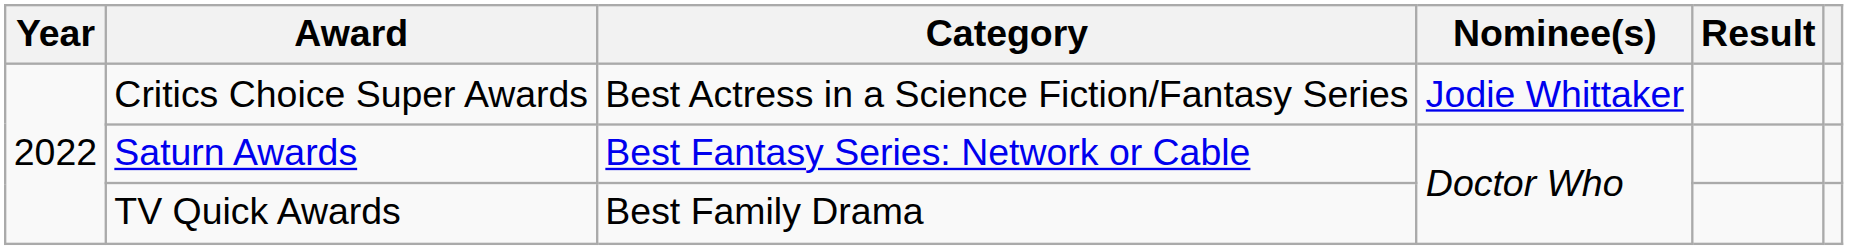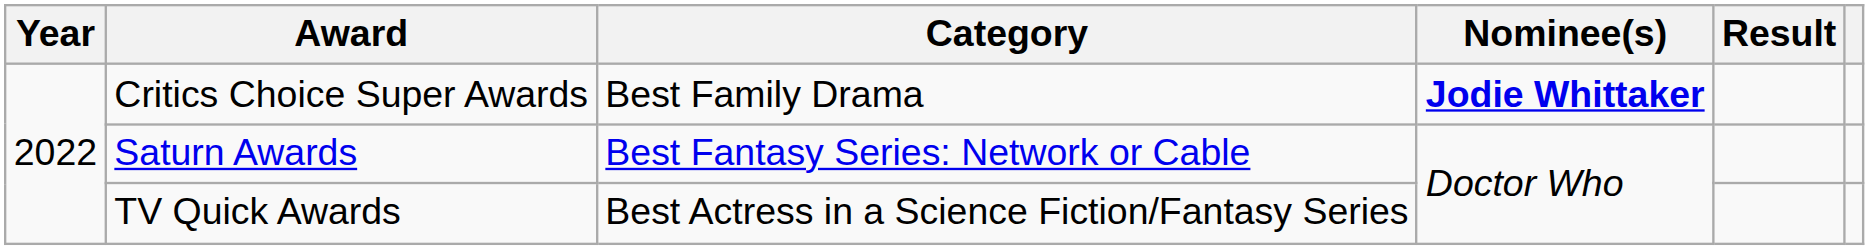 <table class="wikitable sortable">
 <tr>
 <th>Year</th>
 <th>Award</th>
 <th>Category</th>
 <th>Nominee(s)</th>
 <th>Result</th>
 <th class="unsortable"></th>
 </tr>
 <tr>
 <td rowspan="3">2022</td>
 <td>Critics Choice Super Awards</td>
-<td>Best Actress in a Science Fiction/Fantasy Series</td>
-<td><a href='#'>Jodie Whittaker</a></td>
+<td>Best Family Drama</td>
+<td><strong><a href='#'>Jodie Whittaker</a></strong></td>
 <td></td>
 <td style="text-align:center;"></td>
 </tr>
 <tr>
 <td><a href='#'>Saturn Awards</a></td>
 <td><a href='#'>Best Fantasy Series: Network or Cable</a></td>
 <td rowspan="2"><em>Doctor Who</em></td>
 <td></td>
 <td style="text-align:center;"></td>
 </tr>
 <tr>
 <td>TV Quick Awards</td>
-<td>Best Family Drama</td>
+<td>Best Actress in a Science Fiction/Fantasy Series</td>
 <td></td>
 <td style="text-align:center;"></td>
 </tr>
 </table>
